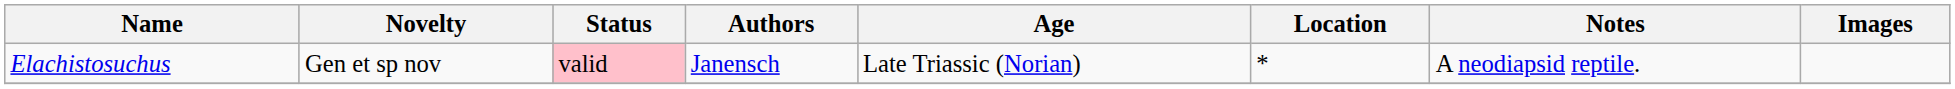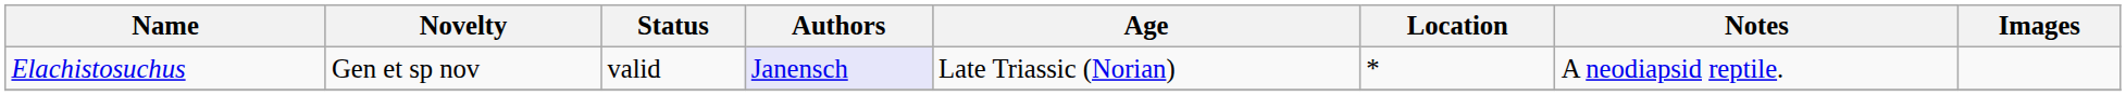 <table class="wikitable sortable" align="center" width="100%">
 <tr>
 <th>Name</th>
 <th>Novelty</th>
 <th>Status</th>
 <th>Authors</th>
 <th>Age</th>
 <th>Location</th>
 <th>Notes</th>
 <th>Images</th>
 </tr>
 <tr>
 <td><em><a href='#'>Elachistosuchus</a></em></td>
 <td>Gen et sp nov</td>
-<td style="background: pink;">valid</td>
-<td><a href='#'>Janensch</a></td>
+<td>valid</td>
+<td style="background: lavender;"><a href='#'>Janensch</a></td>
 <td>Late Triassic (<a href='#'>Norian</a>)</td>
 <td>* </td>
 <td>A <a href='#'>neodiapsid</a> <a href='#'>reptile</a>.</td>
 <td></td>
 </tr>
 <tr>
 </tr>
 </table>
